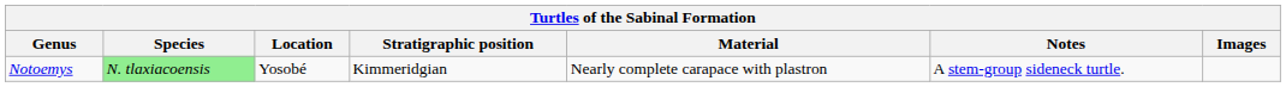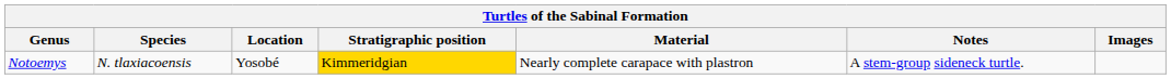 <table class="wikitable" width="100%" align="center">
 <tr>
 <th colspan="8" align="center"><a href='#'>Turtles</a> of the Sabinal Formation</th>
 </tr>
 <tr>
 <th>Genus</th>
 <th>Species</th>
 <th>Location</th>
 <th>Stratigraphic position</th>
 <th>Material</th>
 <th>Notes</th>
 <th>Images</th>
 </tr>
 <tr>
 <td><em><a href='#'>Notoemys</a></em></td>
-<td style="background: lightgreen;"><em>N. tlaxiacoensis</em></td>
+<td><em>N. tlaxiacoensis</em></td>
 <td>Yosobé</td>
-<td>Kimmeridgian</td>
+<td style="background: gold;">Kimmeridgian</td>
 <td>Nearly complete carapace with plastron</td>
 <td>A <a href='#'>stem-group</a> <a href='#'>sideneck turtle</a>.</td>
 <td></td>
 </tr>
 </table>
